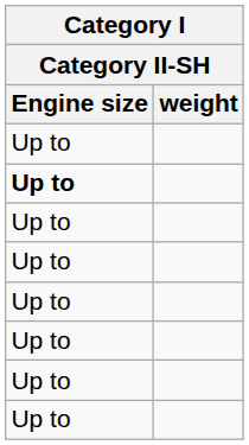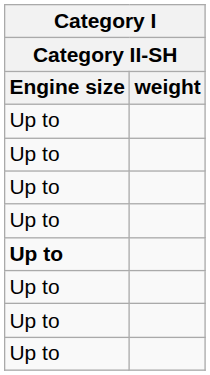 <table class="wikitable">
 <tr>
 <th colspan=2>Category I</th>
 </tr>
 <tr>
 <th colspan=2>Category II-SH</th>
 </tr>
 <tr>
 <th>Engine size</th>
 <th>weight</th>
+</tr>
+<tr>
+<td>Up to </td>
+<td></td>
+</tr>
+<tr>
+<td>Up to </td>
+<td></td>
+</tr>
+<tr>
+<td>Up to </td>
+<td></td>
 </tr>
 <tr>
 <td>Up to </td>
 <td></td>
 </tr>
 <tr>
 <td><strong>Up to </strong></td>
 <td></td>
 </tr>
 <tr>
 <td>Up to </td>
 <td></td>
 </tr>
 <tr>
 <td>Up to </td>
 <td></td>
 </tr>
 <tr>
 <td>Up to </td>
 <td></td>
 </tr>
-<tr>
-<td>Up to </td>
-<td></td>
-</tr>
-<tr>
-<td>Up to </td>
-<td></td>
-</tr>
-<tr>
-<td>Up to </td>
-<td></td>
-</tr>
 </table>
